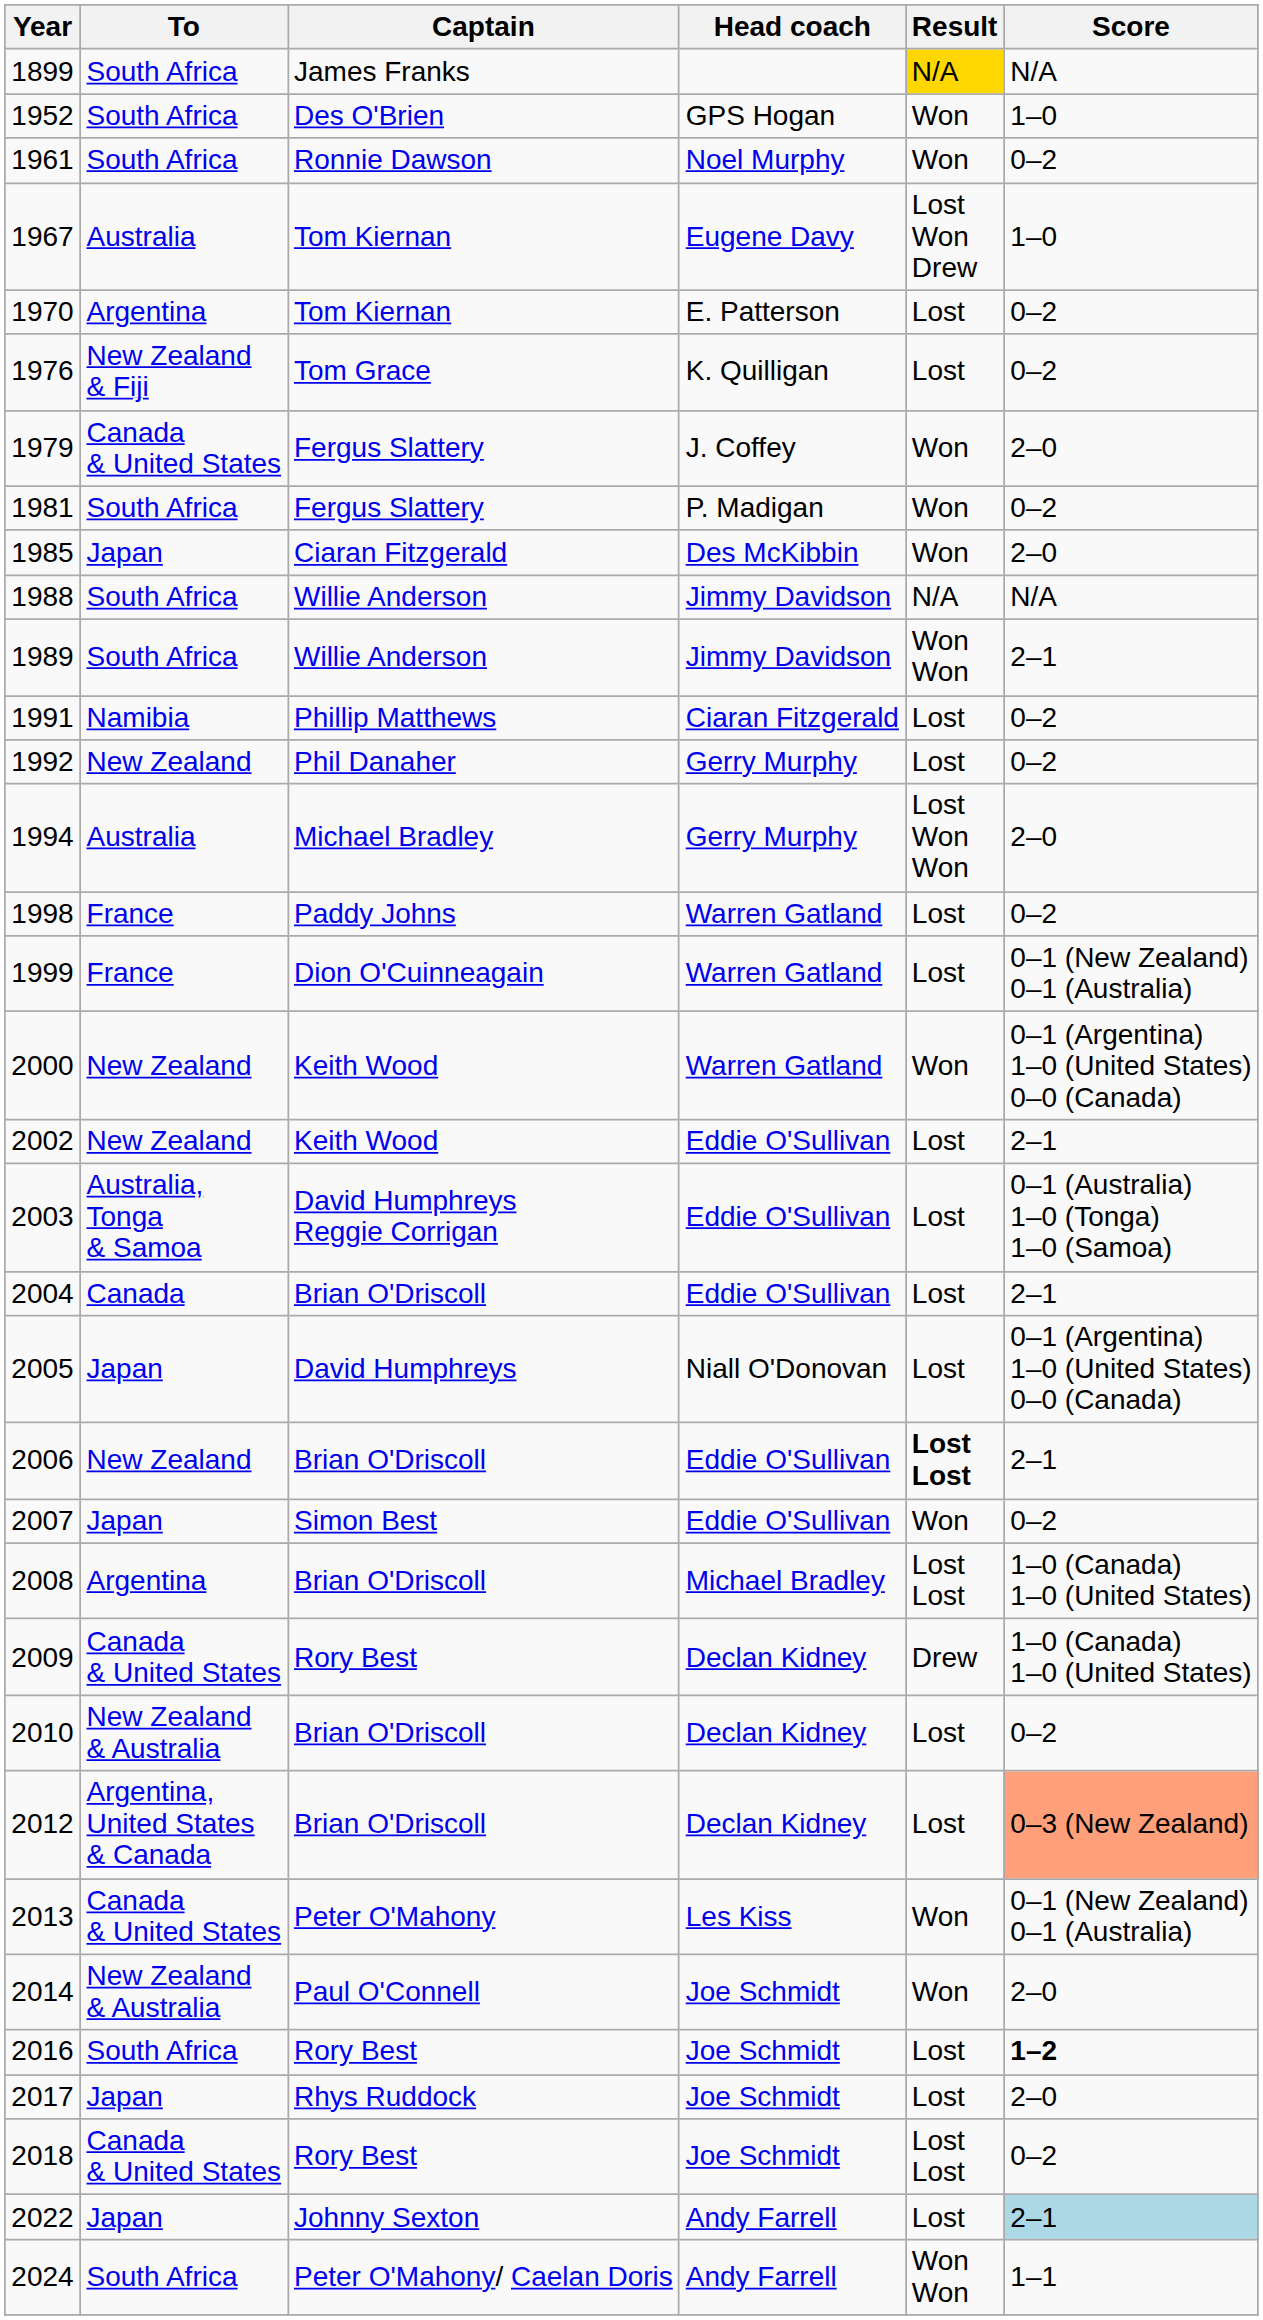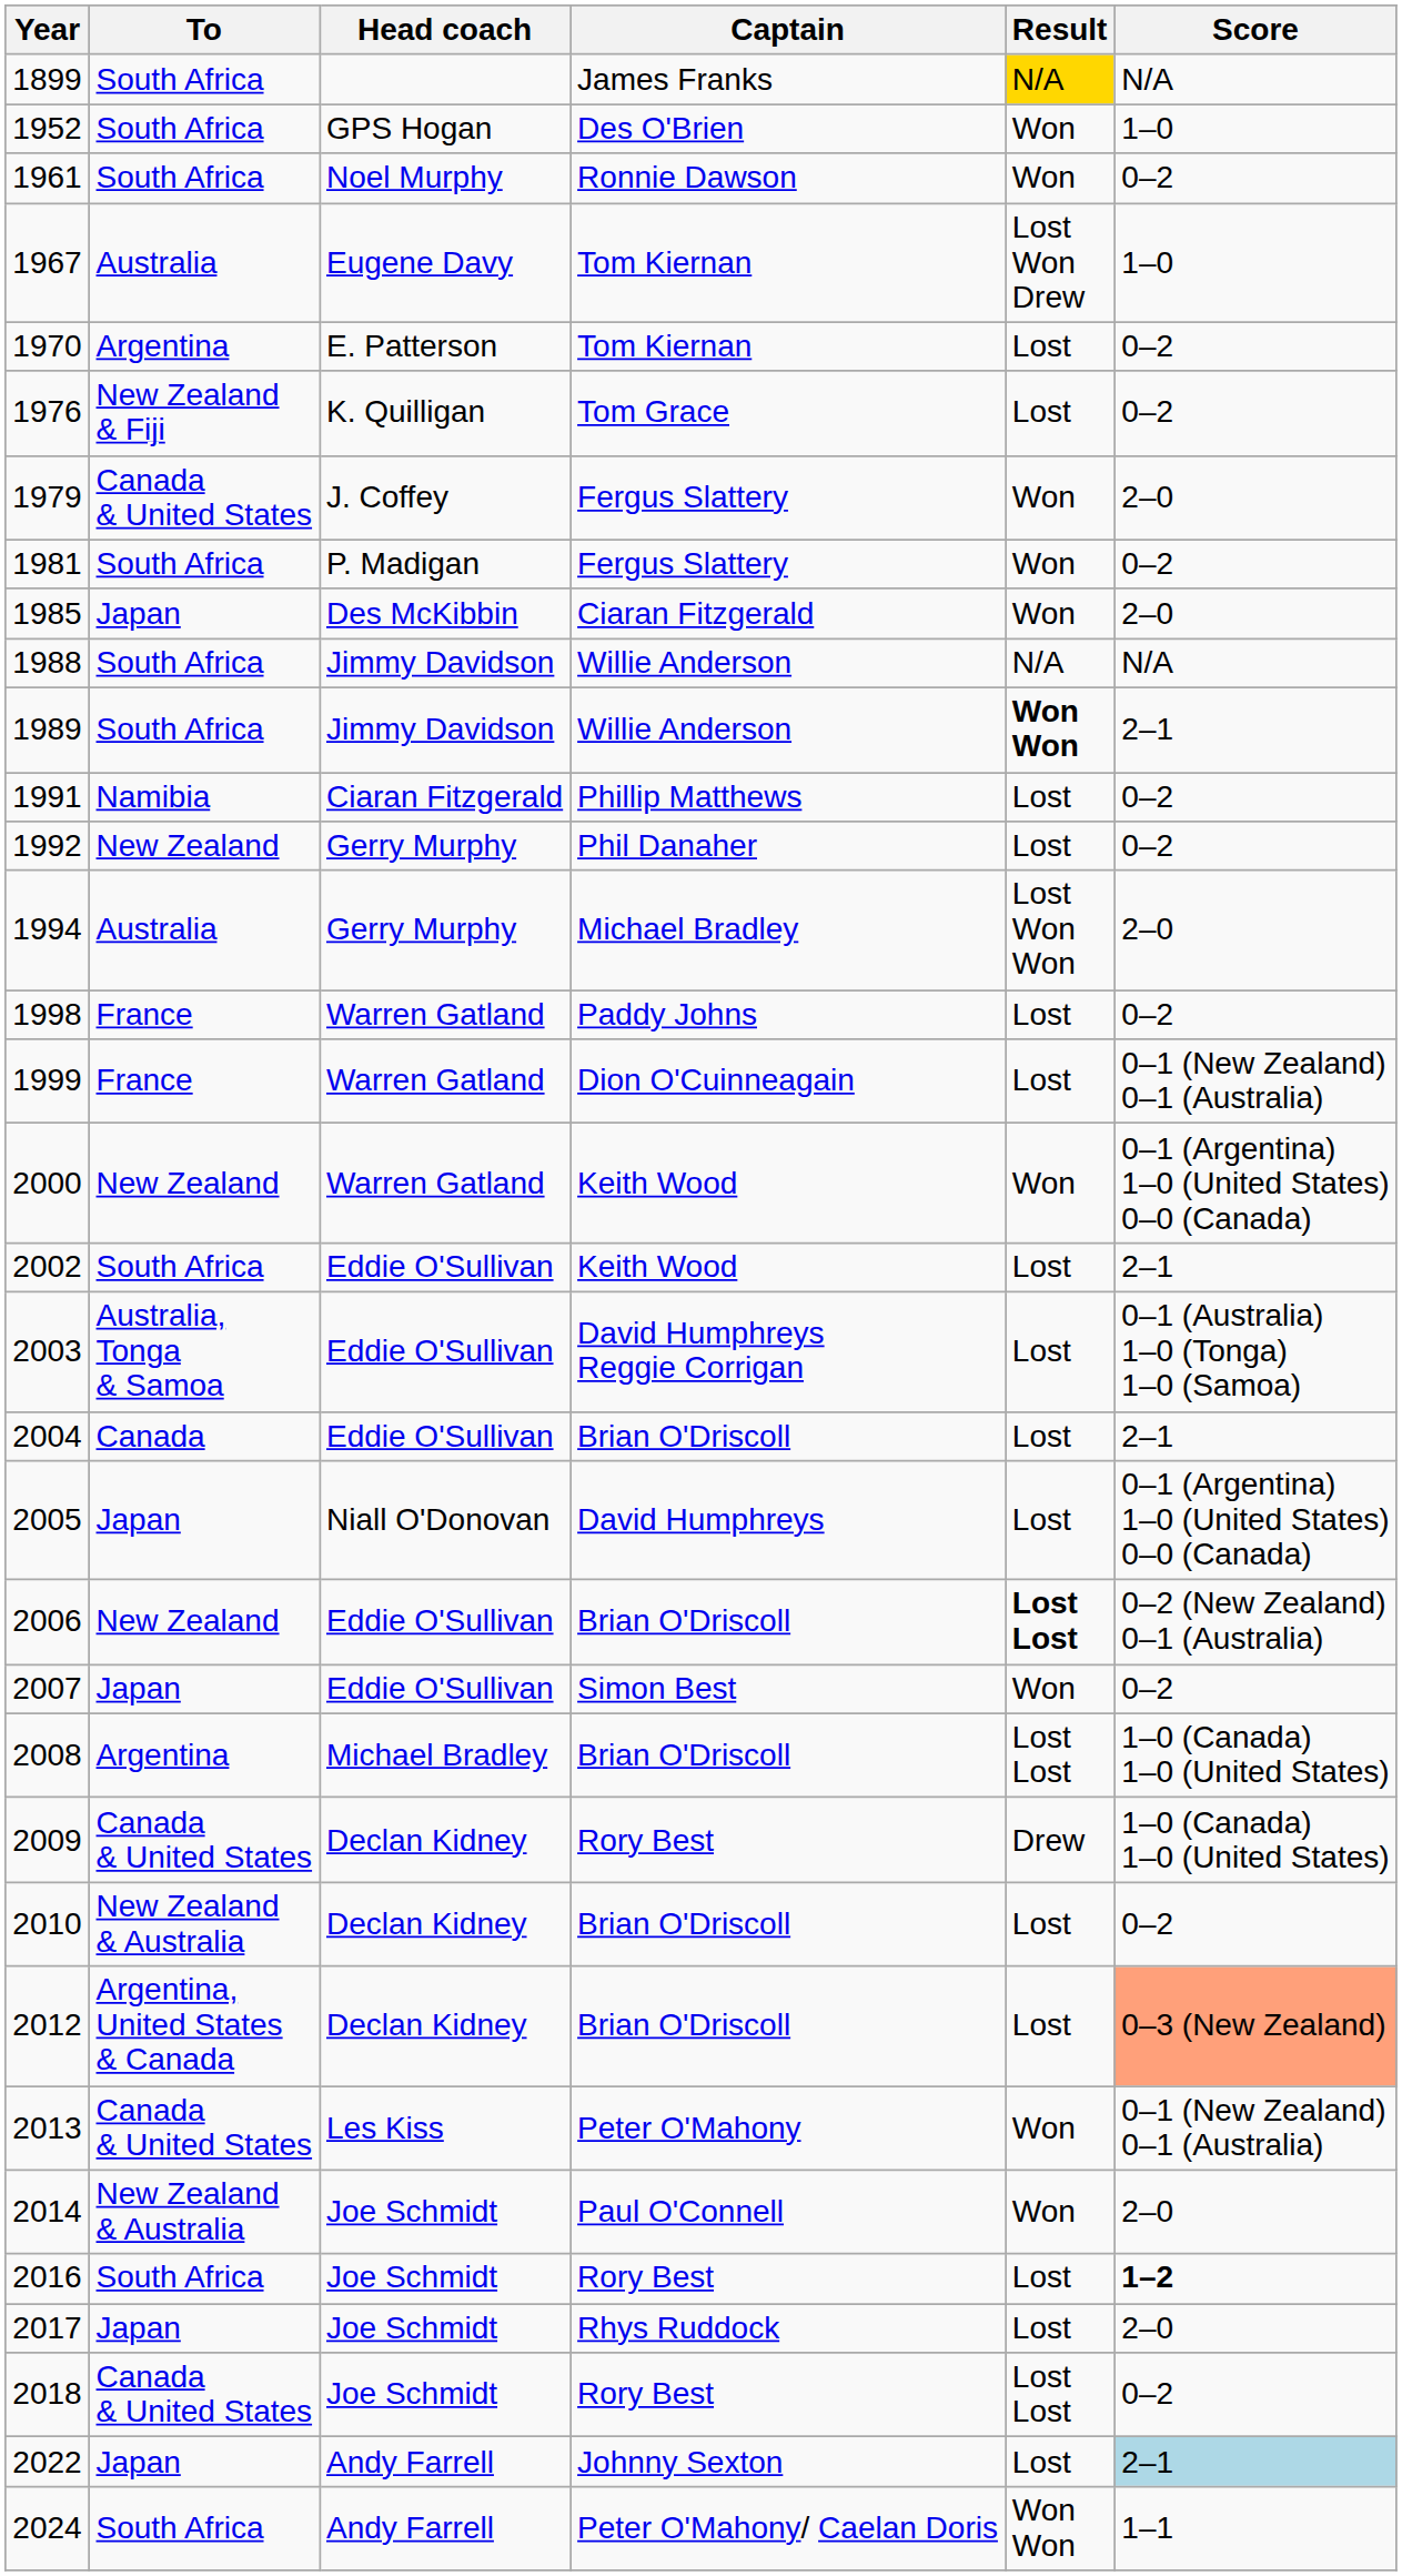 <table class="wikitable" style="align:center;">
 <tr>
 <th>Year</th>
 <th>To</th>
+<th>Head coach</th>
 <th>Captain</th>
-<th>Head coach</th>
 <th>Result</th>
 <th>Score</th>
 </tr>
 <tr>
 <td>1899</td>
 <td><a href='#'>South Africa</a></td>
+<td></td>
 <td> James Franks</td>
-<td></td>
 <td style="background: gold;">N/A</td>
 <td>N/A</td>
 </tr>
 <tr>
 <td>1952</td>
 <td><a href='#'>South Africa</a></td>
+<td> GPS Hogan</td>
 <td> <a href='#'>Des O'Brien</a></td>
-<td> GPS Hogan</td>
 <td>Won</td>
 <td>1–0</td>
 </tr>
 <tr>
 <td>1961</td>
 <td><a href='#'>South Africa</a></td>
+<td> <a href='#'>Noel Murphy</a></td>
 <td> <a href='#'>Ronnie Dawson</a></td>
-<td> <a href='#'>Noel Murphy</a></td>
 <td>Won</td>
 <td>0–2</td>
 </tr>
 <tr>
 <td>1967</td>
 <td><a href='#'>Australia</a></td>
+<td><a href='#'>Eugene Davy</a></td>
 <td> <a href='#'>Tom Kiernan</a></td>
-<td><a href='#'>Eugene Davy</a></td>
 <td>Lost <br> Won <br> Drew</td>
 <td>1–0</td>
 </tr>
 <tr>
 <td>1970</td>
 <td><a href='#'>Argentina</a></td>
+<td> E. Patterson</td>
 <td> <a href='#'>Tom Kiernan</a></td>
-<td> E. Patterson</td>
 <td>Lost</td>
 <td>0–2</td>
 </tr>
 <tr>
 <td>1976</td>
 <td><a href='#'>New Zealand<br> & Fiji</a></td>
+<td> K. Quilligan</td>
 <td> <a href='#'>Tom Grace</a></td>
-<td> K. Quilligan</td>
 <td>Lost</td>
 <td>0–2</td>
 </tr>
 <tr>
 <td>1979</td>
 <td><a href='#'>Canada <br> & United States</a></td>
+<td> J. Coffey</td>
 <td> <a href='#'>Fergus Slattery</a></td>
-<td> J. Coffey</td>
 <td>Won</td>
 <td>2–0</td>
 </tr>
 <tr>
 <td>1981</td>
 <td><a href='#'>South Africa</a></td>
+<td> P. Madigan</td>
 <td> <a href='#'>Fergus Slattery</a></td>
-<td> P. Madigan</td>
 <td>Won</td>
 <td>0–2</td>
 </tr>
 <tr>
 <td>1985</td>
 <td><a href='#'>Japan</a></td>
+<td> <a href='#'>Des McKibbin</a></td>
 <td> <a href='#'>Ciaran Fitzgerald</a></td>
-<td> <a href='#'>Des McKibbin</a></td>
 <td>Won</td>
 <td>2–0</td>
 </tr>
 <tr>
 <td>1988</td>
 <td><a href='#'>South Africa</a></td>
+<td> <a href='#'>Jimmy Davidson</a></td>
 <td> <a href='#'>Willie Anderson</a></td>
-<td> <a href='#'>Jimmy Davidson</a></td>
 <td>N/A</td>
 <td>N/A</td>
 </tr>
 <tr>
 <td>1989</td>
 <td><a href='#'>South Africa</a></td>
+<td> <a href='#'>Jimmy Davidson</a></td>
 <td> <a href='#'>Willie Anderson</a></td>
-<td> <a href='#'>Jimmy Davidson</a></td>
-<td>Won <br> Won</td>
+<td><strong>Won <br> Won</strong></td>
 <td>2–1</td>
 </tr>
 <tr>
 <td>1991</td>
 <td><a href='#'>Namibia</a></td>
+<td> <a href='#'>Ciaran Fitzgerald</a></td>
 <td> <a href='#'>Phillip Matthews</a></td>
-<td> <a href='#'>Ciaran Fitzgerald</a></td>
 <td>Lost</td>
 <td>0–2</td>
 </tr>
 <tr>
 <td>1992</td>
 <td><a href='#'>New Zealand</a></td>
+<td> <a href='#'>Gerry Murphy</a></td>
 <td> <a href='#'>Phil Danaher</a></td>
-<td> <a href='#'>Gerry Murphy</a></td>
 <td>Lost</td>
 <td>0–2</td>
 </tr>
 <tr>
 <td>1994</td>
 <td><a href='#'>Australia</a></td>
+<td> <a href='#'>Gerry Murphy</a></td>
 <td> <a href='#'>Michael Bradley</a></td>
-<td> <a href='#'>Gerry Murphy</a></td>
 <td>Lost <br> Won <br> Won</td>
 <td>2–0</td>
 </tr>
 <tr>
 <td>1998</td>
 <td><a href='#'>France</a></td>
+<td> <a href='#'>Warren Gatland</a></td>
 <td> <a href='#'>Paddy Johns</a></td>
-<td> <a href='#'>Warren Gatland</a></td>
 <td>Lost</td>
 <td>0–2</td>
 </tr>
 <tr>
 <td>1999</td>
 <td><a href='#'>France</a></td>
+<td> <a href='#'>Warren Gatland</a></td>
 <td>   <a href='#'>Dion O'Cuinneagain</a></td>
-<td> <a href='#'>Warren Gatland</a></td>
 <td>Lost</td>
 <td>0–1 (New Zealand) <br> 0–1 (Australia)</td>
 </tr>
 <tr>
 <td>2000</td>
 <td><a href='#'>New Zealand</a></td>
+<td> <a href='#'>Warren Gatland</a></td>
 <td> <a href='#'>Keith Wood</a></td>
-<td> <a href='#'>Warren Gatland</a></td>
 <td>Won</td>
 <td>0–1 (Argentina) <br> 1–0 (United States) <br> 0–0 (Canada)</td>
 </tr>
 <tr>
 <td>2002</td>
-<td><a href='#'>New Zealand</a></td>
+<td><a href='#'>South Africa</a></td>
+<td> <a href='#'>Eddie O'Sullivan</a></td>
 <td> <a href='#'>Keith Wood</a></td>
-<td> <a href='#'>Eddie O'Sullivan</a></td>
 <td>Lost</td>
 <td>2–1</td>
 </tr>
 <tr>
 <td>2003</td>
 <td><a href='#'>Australia,<br>Tonga<br> & Samoa</a></td>
+<td> <a href='#'>Eddie O'Sullivan</a></td>
 <td> <a href='#'>David Humphreys</a> <br>  <a href='#'>Reggie Corrigan</a></td>
-<td> <a href='#'>Eddie O'Sullivan</a></td>
 <td>Lost</td>
 <td>0–1 (Australia) <br> 1–0 (Tonga) <br> 1–0 (Samoa)</td>
 </tr>
 <tr>
 <td>2004</td>
 <td><a href='#'>Canada</a></td>
+<td> <a href='#'>Eddie O'Sullivan</a></td>
 <td> <a href='#'>Brian O'Driscoll</a></td>
-<td> <a href='#'>Eddie O'Sullivan</a></td>
 <td>Lost</td>
 <td>2–1</td>
 </tr>
 <tr>
 <td>2005</td>
 <td><a href='#'>Japan</a></td>
+<td> Niall O'Donovan</td>
 <td> <a href='#'>David Humphreys</a></td>
-<td> Niall O'Donovan</td>
 <td>Lost</td>
 <td>0–1 (Argentina) <br> 1–0 (United States) <br> 0–0 (Canada)</td>
 </tr>
 <tr>
 <td>2006</td>
 <td><a href='#'>New Zealand</a></td>
+<td> <a href='#'>Eddie O'Sullivan</a></td>
 <td> <a href='#'>Brian O'Driscoll</a></td>
-<td> <a href='#'>Eddie O'Sullivan</a></td>
 <td><strong>Lost <br> Lost</strong></td>
-<td>2–1</td>
+<td>0–2 (New Zealand) <br> 0–1 (Australia)</td>
 </tr>
 <tr>
 <td>2007</td>
 <td><a href='#'>Japan</a></td>
+<td> <a href='#'>Eddie O'Sullivan</a></td>
 <td> <a href='#'>Simon Best</a></td>
-<td> <a href='#'>Eddie O'Sullivan</a></td>
 <td>Won</td>
 <td>0–2</td>
 </tr>
 <tr>
 <td>2008</td>
 <td><a href='#'>Argentina</a></td>
+<td> <a href='#'>Michael Bradley</a></td>
 <td> <a href='#'>Brian O'Driscoll</a></td>
-<td> <a href='#'>Michael Bradley</a></td>
 <td>Lost <br> Lost</td>
 <td>1–0 (Canada) <br> 1–0 (United States)</td>
 </tr>
 <tr>
 <td>2009</td>
 <td><a href='#'>Canada <br> & United States</a></td>
+<td> <a href='#'>Declan Kidney</a></td>
 <td> <a href='#'>Rory Best</a></td>
-<td> <a href='#'>Declan Kidney</a></td>
 <td>Drew</td>
 <td>1–0 (Canada) <br> 1–0 (United States)</td>
 </tr>
 <tr>
 <td>2010</td>
 <td><a href='#'>New Zealand <br> & Australia</a></td>
+<td> <a href='#'>Declan Kidney</a></td>
 <td> <a href='#'>Brian O'Driscoll</a></td>
-<td> <a href='#'>Declan Kidney</a></td>
 <td>Lost</td>
 <td>0–2</td>
 </tr>
 <tr>
 <td>2012</td>
 <td><a href='#'>Argentina,<br>United States<br> & Canada</a></td>
+<td> <a href='#'>Declan Kidney</a></td>
 <td> <a href='#'>Brian O'Driscoll</a></td>
-<td> <a href='#'>Declan Kidney</a></td>
 <td>Lost</td>
 <td style="background: lightsalmon;">0–3 (New Zealand)</td>
 </tr>
 <tr>
 <td>2013</td>
 <td><a href='#'>Canada <br> & United States</a></td>
+<td> <a href='#'>Les Kiss</a></td>
 <td> <a href='#'>Peter O'Mahony</a></td>
-<td> <a href='#'>Les Kiss</a></td>
 <td>Won</td>
 <td>0–1 (New Zealand) <br> 0–1 (Australia)</td>
 </tr>
 <tr>
 <td>2014</td>
 <td><a href='#'>New Zealand <br> & Australia</a></td>
+<td> <a href='#'>Joe Schmidt</a></td>
 <td> <a href='#'>Paul O'Connell</a></td>
-<td> <a href='#'>Joe Schmidt</a></td>
 <td>Won</td>
 <td>2–0</td>
 </tr>
 <tr>
 <td>2016</td>
 <td><a href='#'>South Africa</a></td>
+<td> <a href='#'>Joe Schmidt</a></td>
 <td> <a href='#'>Rory Best</a></td>
-<td> <a href='#'>Joe Schmidt</a></td>
 <td>Lost</td>
 <td><strong>1–2</strong></td>
 </tr>
 <tr>
 <td>2017</td>
 <td><a href='#'>Japan</a></td>
+<td> <a href='#'>Joe Schmidt</a></td>
 <td> <a href='#'>Rhys Ruddock</a></td>
-<td> <a href='#'>Joe Schmidt</a></td>
 <td>Lost</td>
 <td>2–0</td>
 </tr>
 <tr>
 <td>2018</td>
 <td><a href='#'>Canada <br> & United States</a></td>
+<td> <a href='#'>Joe Schmidt</a></td>
 <td> <a href='#'>Rory Best</a></td>
-<td> <a href='#'>Joe Schmidt</a></td>
 <td>Lost <br> Lost</td>
 <td>0–2</td>
 </tr>
 <tr>
 <td>2022</td>
 <td><a href='#'>Japan</a></td>
+<td> <a href='#'>Andy Farrell</a></td>
 <td> <a href='#'>Johnny Sexton</a></td>
-<td> <a href='#'>Andy Farrell</a></td>
 <td>Lost</td>
 <td style="background: lightblue;">2–1</td>
 </tr>
 <tr>
 <td>2024</td>
 <td><a href='#'>South Africa</a></td>
+<td> <a href='#'>Andy Farrell</a></td>
 <td> <a href='#'>Peter O'Mahony</a>/ <a href='#'>Caelan Doris</a></td>
-<td> <a href='#'>Andy Farrell</a></td>
 <td>Won <br> Won</td>
 <td>1–1</td>
 </tr>
 </table>
